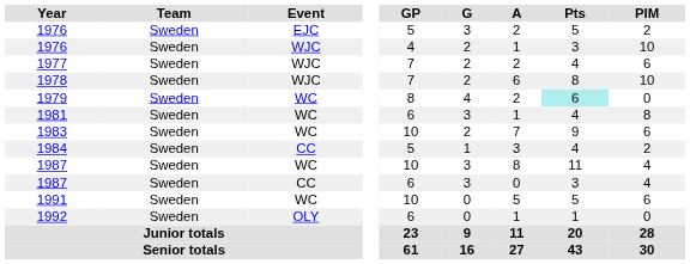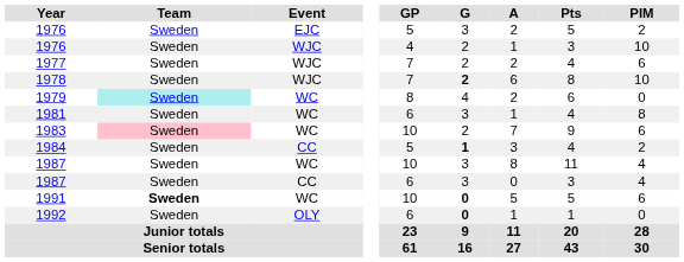 <table border="0" cellpadding="1" cellspacing="0" style="text-align:center; width:50em">
 <tr ALIGN="center" bgcolor="#e0e0e0">
 <th>Year</th>
 <th>Team</th>
 <th>Event</th>
 <th rowspan="99" bgcolor="#ffffff"> </th>
 <th>GP</th>
 <th>G</th>
 <th>A</th>
 <th>Pts</th>
 <th>PIM</th>
 </tr>
 <tr>
 <td><a href='#'>1976</a></td>
 <td><a href='#'>Sweden</a></td>
 <td><a href='#'>EJC</a></td>
 <td>5</td>
 <td>3</td>
 <td>2</td>
 <td>5</td>
 <td>2</td>
 </tr>
 <tr bgcolor="#f0f0f0">
 <td><a href='#'>1976</a></td>
 <td>Sweden</td>
 <td><a href='#'>WJC</a></td>
 <td>4</td>
 <td>2</td>
 <td>1</td>
 <td>3</td>
 <td>10</td>
 </tr>
 <tr>
 <td><a href='#'>1977</a></td>
 <td>Sweden</td>
 <td>WJC</td>
 <td>7</td>
 <td>2</td>
 <td>2</td>
 <td>4</td>
 <td>6</td>
 </tr>
 <tr bgcolor="#f0f0f0">
 <td><a href='#'>1978</a></td>
 <td>Sweden</td>
 <td>WJC</td>
 <td>7</td>
-<td>2</td>
+<td><strong>2</strong></td>
 <td>6</td>
 <td>8</td>
 <td>10</td>
 </tr>
 <tr>
 <td><a href='#'>1979</a></td>
-<td><a href='#'>Sweden</a></td>
+<td style="background: paleturquoise;"><a href='#'>Sweden</a></td>
 <td><a href='#'>WC</a></td>
 <td>8</td>
 <td>4</td>
 <td>2</td>
-<td style="background: paleturquoise;">6</td>
+<td>6</td>
 <td>0</td>
 </tr>
 <tr bgcolor="#f0f0f0">
 <td><a href='#'>1981</a></td>
 <td>Sweden</td>
 <td>WC</td>
 <td>6</td>
 <td>3</td>
 <td>1</td>
 <td>4</td>
 <td>8</td>
 </tr>
 <tr>
 <td><a href='#'>1983</a></td>
-<td>Sweden</td>
+<td style="background: pink;">Sweden</td>
 <td>WC</td>
 <td>10</td>
 <td>2</td>
 <td>7</td>
 <td>9</td>
 <td>6</td>
 </tr>
 <tr bgcolor="#f0f0f0">
 <td><a href='#'>1984</a></td>
 <td>Sweden</td>
 <td><a href='#'>CC</a></td>
 <td>5</td>
-<td>1</td>
+<td><strong>1</strong></td>
 <td>3</td>
 <td>4</td>
 <td>2</td>
 </tr>
 <tr>
 <td><a href='#'>1987</a></td>
 <td>Sweden</td>
 <td>WC</td>
 <td>10</td>
 <td>3</td>
 <td>8</td>
 <td>11</td>
 <td>4</td>
 </tr>
 <tr bgcolor="#f0f0f0">
 <td><a href='#'>1987</a></td>
 <td>Sweden</td>
 <td>CC</td>
 <td>6</td>
 <td>3</td>
 <td>0</td>
 <td>3</td>
 <td>4</td>
 </tr>
 <tr>
 <td><a href='#'>1991</a></td>
-<td>Sweden</td>
+<td><strong>Sweden</strong></td>
 <td>WC</td>
 <td>10</td>
-<td>0</td>
+<td><strong>0</strong></td>
 <td>5</td>
 <td>5</td>
 <td>6</td>
 </tr>
 <tr bgcolor="#f0f0f0">
 <td><a href='#'>1992</a></td>
 <td>Sweden</td>
 <td><a href='#'>OLY</a></td>
 <td>6</td>
-<td>0</td>
+<td><strong>0</strong></td>
 <td>1</td>
 <td>1</td>
 <td>0</td>
 </tr>
 <tr bgcolor="#e0e0e0">
 <th colspan=3>Junior totals</th>
 <th>23</th>
 <th>9</th>
 <th>11</th>
 <th>20</th>
 <th>28</th>
 </tr>
 <tr bgcolor="#e0e0e0">
 <th colspan=3>Senior totals</th>
 <th>61</th>
 <th>16</th>
 <th>27</th>
 <th>43</th>
 <th>30</th>
 </tr>
 </table>
